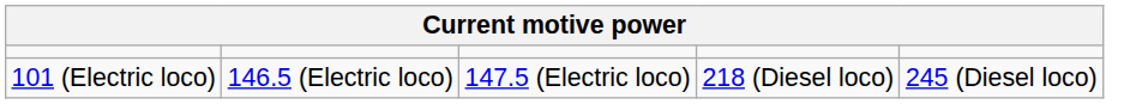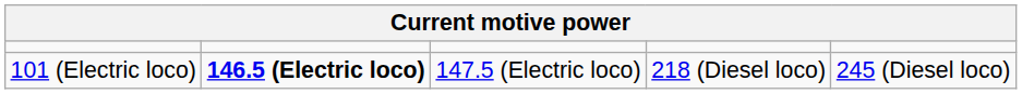 <table class="wikitable">
 <tr>
 <th colspan="5">Current motive power</th>
 </tr>
 <tr>
 <td></td>
 <td></td>
 <td></td>
 <td></td>
 <td></td>
 </tr>
 <tr>
 <td><a href='#'>101</a> (Electric loco)</td>
-<td><a href='#'>146.5</a> (Electric loco)</td>
+<td><strong><a href='#'>146.5</a> (Electric loco)</strong></td>
 <td><a href='#'>147.5</a> (Electric loco)</td>
 <td><a href='#'>218</a> (Diesel loco)</td>
 <td><a href='#'>245</a> (Diesel loco)</td>
 </tr>
 </table>
